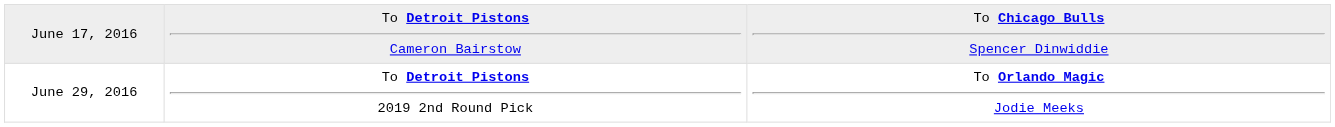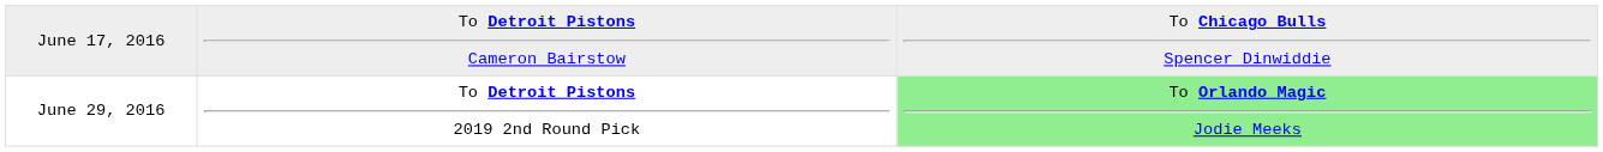 <table border=1 style="border-collapse:collapse; text-align: center; width: 100%" bordercolor="#DFDFDF"  cellpadding="5">
 <tr bgcolor="eeeeee">
 <td style="width:12%">June 17, 2016</td>
 <td style="width:44%" valign="top">To <strong><a href='#'>Detroit Pistons</a></strong> <hr><a href='#'>Cameron Bairstow</a></td>
 <td style="width:44%" valign="top">To <strong><a href='#'>Chicago Bulls</a></strong> <hr><a href='#'>Spencer Dinwiddie</a></td>
 </tr>
 <tr>
 <td style="width:12%">June 29, 2016</td>
 <td style="width:44%" valign="top">To <strong><a href='#'>Detroit Pistons</a></strong> <hr>2019 2nd Round Pick</td>
-<td style="width:44%" valign="top">To <strong><a href='#'>Orlando Magic</a></strong> <hr><a href='#'>Jodie Meeks</a></td>
+<td style="background: lightgreen; width:44%" valign="top">To <strong><a href='#'>Orlando Magic</a></strong> <hr><a href='#'>Jodie Meeks</a></td>
 </tr>
 </table>
